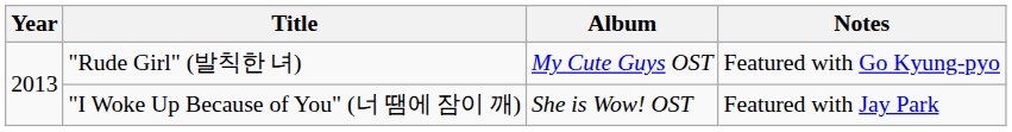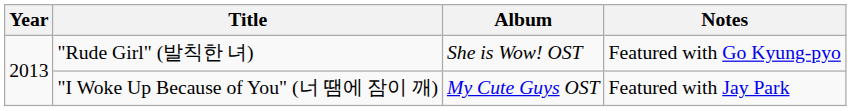 <table class="wikitable">
 <tr>
 <th scope="col">Year</th>
 <th scope="col">Title</th>
 <th>Album</th>
 <th scope="col">Notes</th>
 </tr>
 <tr>
 <td rowspan="2">2013</td>
 <td>"Rude Girl" (발칙한 녀)</td>
-<td><em><a href='#'>My Cute Guys</a> OST</em></td>
+<td><em>She is Wow! OST</em></td>
 <td>Featured with <a href='#'>Go Kyung-pyo</a></td>
 </tr>
 <tr>
 <td>"I Woke Up Because of You" (너 땜에 잠이 깨)</td>
-<td><em>She is Wow! OST</em></td>
+<td><em><a href='#'>My Cute Guys</a> OST</em></td>
 <td>Featured with <a href='#'>Jay Park</a></td>
 </tr>
 </table>
